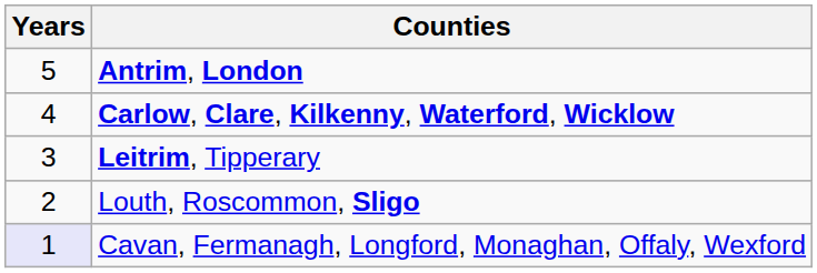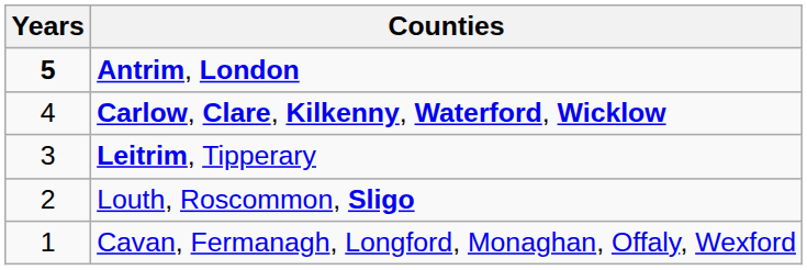 <table class="wikitable" style="text-align:center">
 <tr>
 <th>Years</th>
 <th>Counties</th>
 </tr>
 <tr>
-<td>5</td>
+<td><strong>5</strong></td>
 <td align="left"><a href='#'><strong>Antrim</strong></a>, <a href='#'><strong>London</strong></a></td>
 </tr>
 <tr>
 <td>4</td>
 <td align="left"><a href='#'><strong>Carlow</strong></a>, <a href='#'><strong>Clare</strong></a>, <a href='#'><strong>Kilkenny</strong></a>, <a href='#'><strong>Waterford</strong></a>, <a href='#'><strong>Wicklow</strong></a></td>
 </tr>
 <tr>
 <td>3</td>
 <td align="left"><a href='#'><strong>Leitrim</strong></a>, <a href='#'>Tipperary</a></td>
 </tr>
 <tr>
 <td>2</td>
 <td align="left"><a href='#'>Louth</a>, <a href='#'>Roscommon</a>, <a href='#'><strong>Sligo</strong></a></td>
 </tr>
 <tr>
-<td style="background: lavender;">1</td>
+<td>1</td>
 <td align="left"><a href='#'>Cavan</a>, <a href='#'>Fermanagh</a>, <a href='#'>Longford</a>, <a href='#'>Monaghan</a>, <a href='#'>Offaly</a>, <a href='#'>Wexford</a></td>
 </tr>
 </table>
